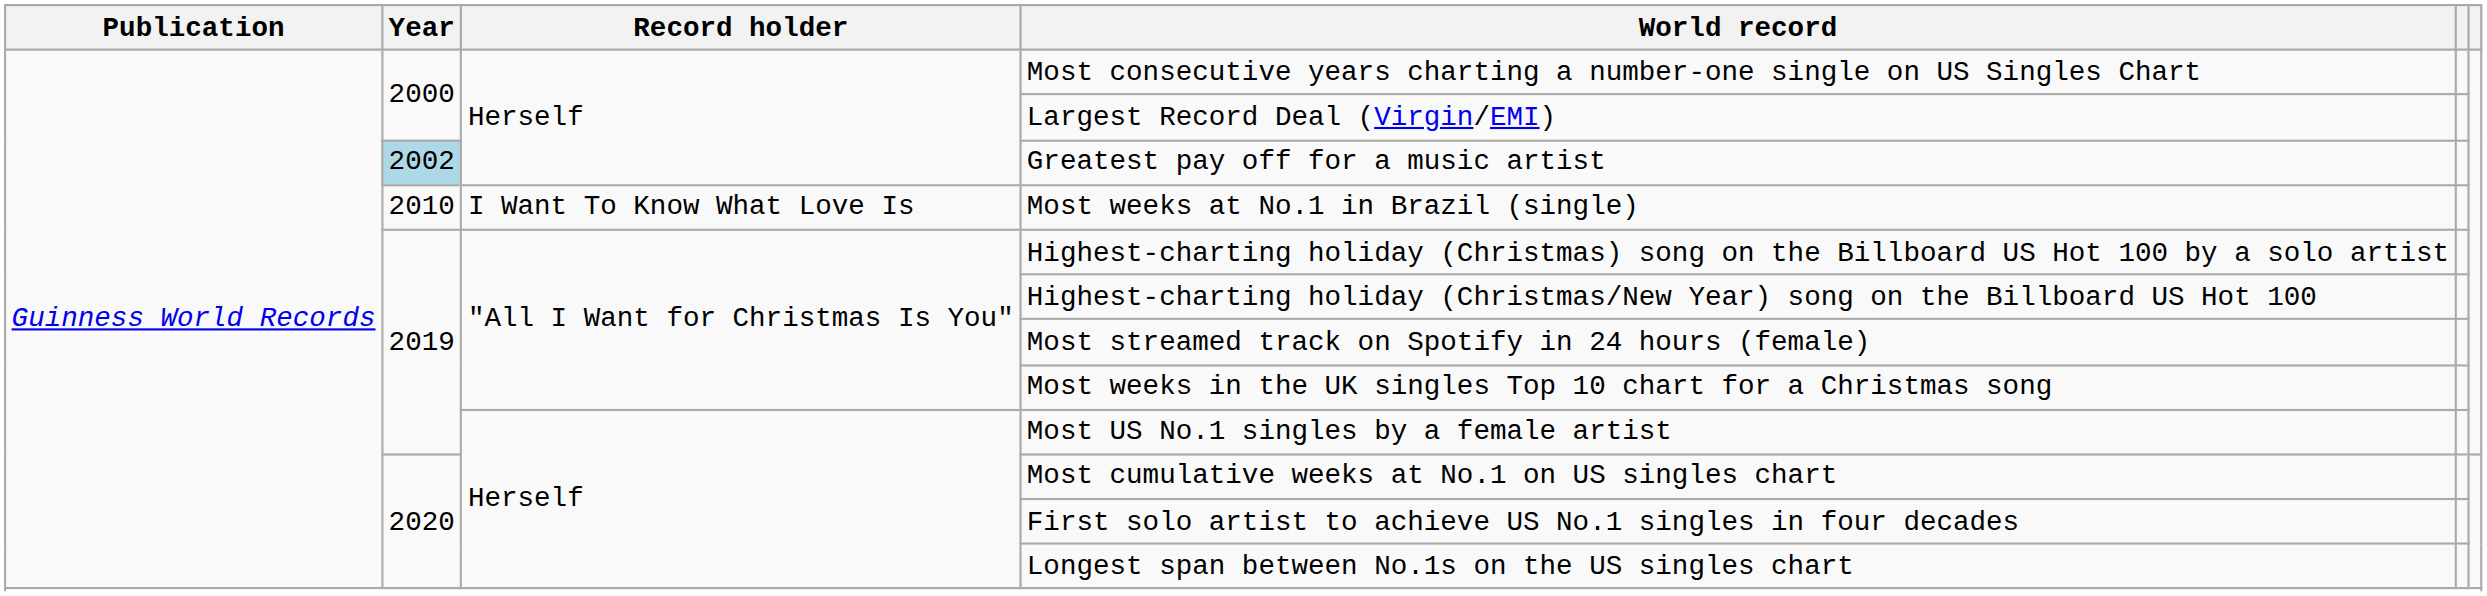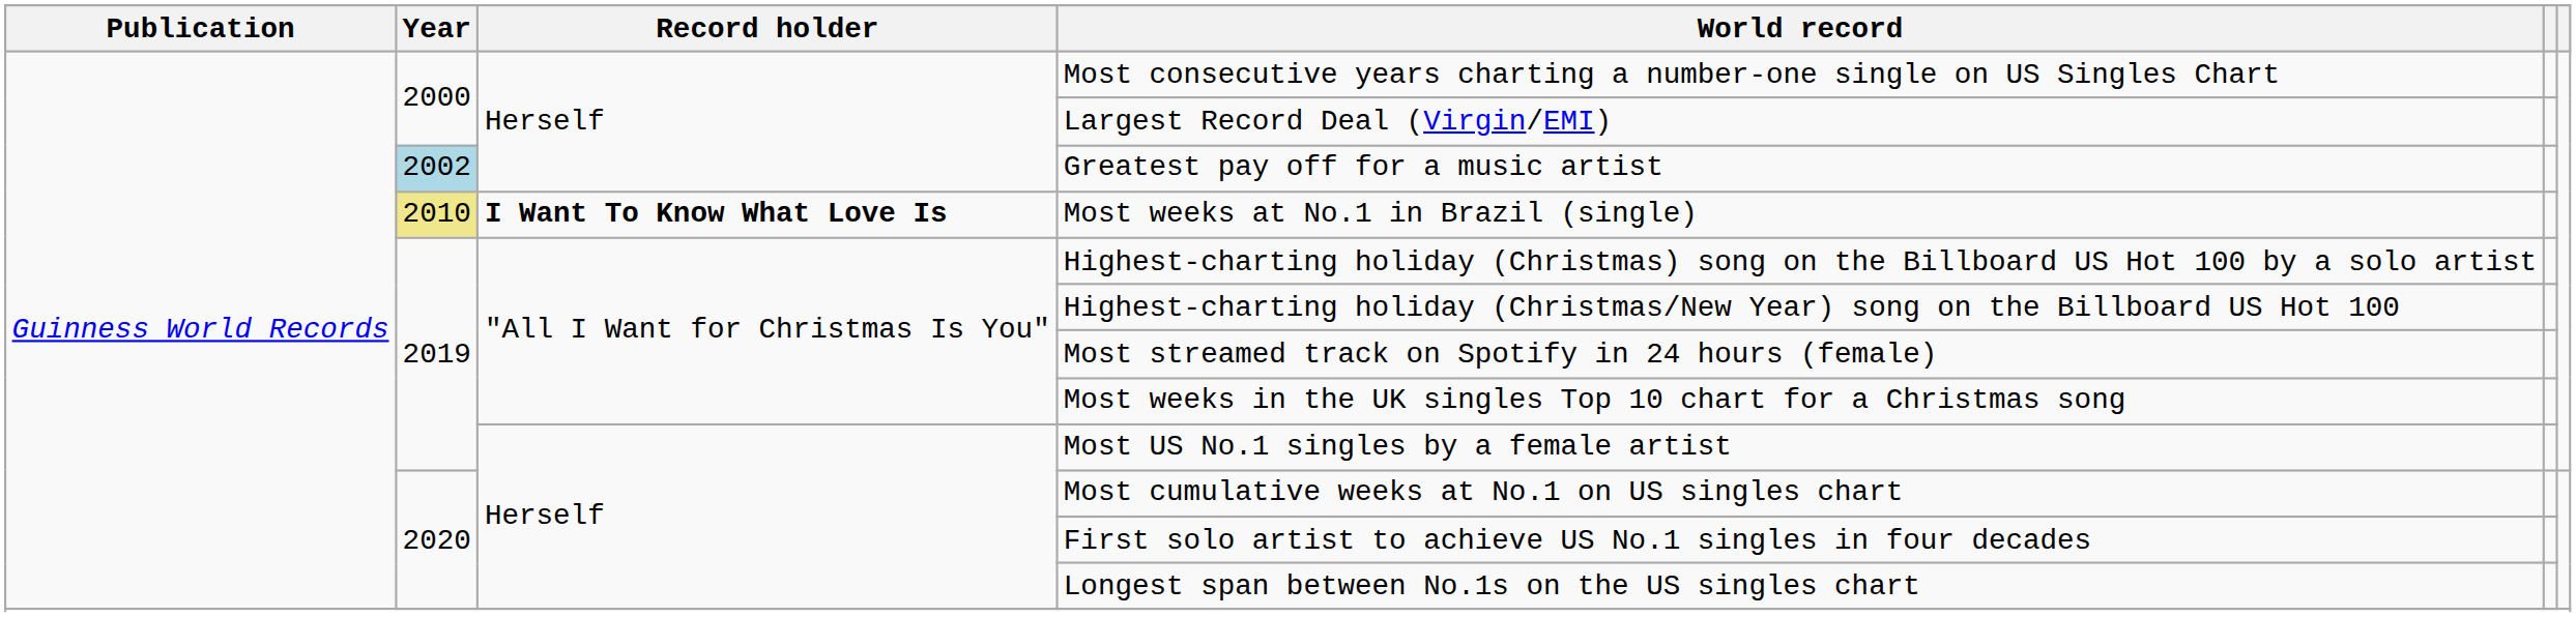 <table class="wikitable sortable plainrowheaders">
 <tr style="background:#ccc; text-align:center;">
 <th scope="col">Publication</th>
 <th scope="col">Year</th>
 <th scope="col">Record holder</th>
 <th scope="col">World record</th>
 <th scope="col"></th>
 <th scope="col" class="unsortable"></th>
 </tr>
 <tr>
 <td rowspan="14"><em><a href='#'>Guinness World Records</a></em></td>
 <td rowspan="2">2000</td>
 <td rowspan="3">Herself</td>
 <td>Most consecutive years charting a number-one single on US Singles Chart</td>
 <td></td>
 <td align="center" rowspan="9"></td>
 </tr>
 <tr>
 <td>Largest Record Deal (<a href='#'>Virgin</a>/<a href='#'>EMI</a>)</td>
 <td></td>
 </tr>
 <tr>
 <td rowspan="1" style="background: lightblue;">2002</td>
 <td>Greatest pay off for a music artist</td>
 <td></td>
 </tr>
 <tr>
-<td rowspan="1">2010</td>
-<td rowspan="1">I Want To Know What Love Is</td>
+<td rowspan="1" style="background: khaki;">2010</td>
+<td rowspan="1"><strong>I Want To Know What Love Is</strong></td>
 <td>Most weeks at No.1 in Brazil (single)</td>
 <td></td>
 </tr>
 <tr>
 <td rowspan="5">2019</td>
 <td rowspan="4">"All I Want for Christmas Is You"</td>
 <td>Highest-charting holiday (Christmas) song on the Billboard US Hot 100 by a solo artist</td>
 <td></td>
 </tr>
 <tr>
 <td>Highest-charting holiday (Christmas/New Year) song on the Billboard US Hot 100</td>
 <td></td>
 </tr>
 <tr>
 <td>Most streamed track on Spotify in 24 hours (female)</td>
 <td></td>
 </tr>
 <tr>
 <td>Most weeks in the UK singles Top 10 chart for a Christmas song</td>
 <td></td>
 </tr>
 <tr>
 <td rowspan="4">Herself</td>
 <td>Most US No.1 singles by a female artist</td>
 <td></td>
 </tr>
 <tr>
 <td rowspan="3">2020</td>
 <td>Most cumulative weeks at No.1 on US singles chart</td>
 <td></td>
 </tr>
 <tr>
 <td>First solo artist to achieve US No.1 singles in four decades</td>
 <td></td>
 </tr>
 <tr>
 <td>Longest span between No.1s on the US singles chart</td>
 <td></td>
 </tr>
 <tr>
 </tr>
 </table>
